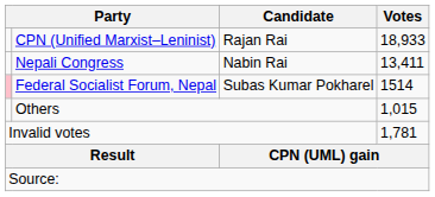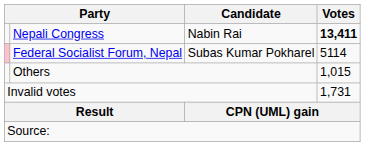 <table class="wikitable">
 <tr>
 <th colspan="2">Party</th>
 <th>Candidate</th>
 <th>Votes</th>
 </tr>
 <tr>
 <td style="background-color:"></td>
-<td><a href='#'>CPN (Unified Marxist–Leninist)</a></td>
-<td>Rajan Rai</td>
-<td>18,933</td>
-</tr>
-<tr>
-<td style="background-color:"></td>
 <td><a href='#'>Nepali Congress</a></td>
 <td>Nabin Rai</td>
-<td>13,411</td>
+<td><strong>13,411</strong></td>
 </tr>
 <tr>
 <td style="background-color:#ffc0cb"></td>
 <td><a href='#'>Federal Socialist Forum, Nepal</a></td>
 <td>Subas Kumar Pokharel</td>
-<td>1514</td>
+<td>5114</td>
 </tr>
 <tr>
 <td></td>
 <td colspan="2">Others</td>
 <td>1,015</td>
 </tr>
 <tr>
 <td colspan="3">Invalid votes</td>
-<td>1,781</td>
+<td>1,731</td>
 </tr>
 <tr>
 <th colspan="2">Result</th>
 <th colspan="2">CPN (UML) gain</th>
 </tr>
 <tr>
 <td colspan="4">Source: </td>
 </tr>
 </table>
